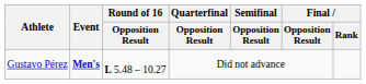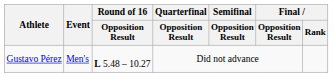 <table class=wikitable style=font-size:90%;text-align:center>
 <tr>
 <th rowspan=2>Athlete</th>
 <th rowspan=2>Event</th>
 <th>Round of 16</th>
 <th>Quarterfinal</th>
 <th>Semifinal</th>
 <th colspan=2>Final / </th>
 </tr>
 <tr style=font-size:95%>
 <th>Opposition<br>Result</th>
 <th>Opposition<br>Result</th>
 <th>Opposition<br>Result</th>
 <th>Opposition<br>Result</th>
 <th>Rank</th>
 </tr>
 <tr>
 <td align=left><a href='#'>Gustavo Pérez</a></td>
-<td align=left><strong><a href='#'>Men's</a></strong></td>
+<td align=left><a href='#'>Men's</a></td>
 <td> <br> <strong>L</strong> 5.48 – 10.27</td>
 <td colspan=3>Did not advance</td>
 <td></td>
 </tr>
 </table>
